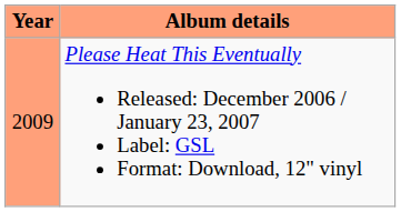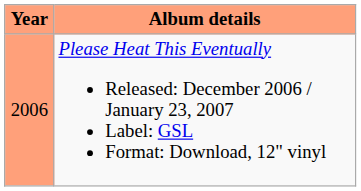 <table class ="wikitable">
 <tr>
 <th width="35" style="background: #ffa07a">Year</th>
 <th width="250" style="background: #ffa07a">Album details</th>
 </tr>
 <tr>
-<td style="background: #ffa07a; text-align: center">2009</td>
+<td style="background: #ffa07a; text-align: center">2006</td>
 <td><em><a href='#'>Please Heat This Eventually</a></em><br><ul><li>Released: December 2006 / January 23, 2007</li><li>Label: <a href='#'>GSL</a></li><li>Format: Download, 12" vinyl</li></ul></td>
 </tr>
 </table>
